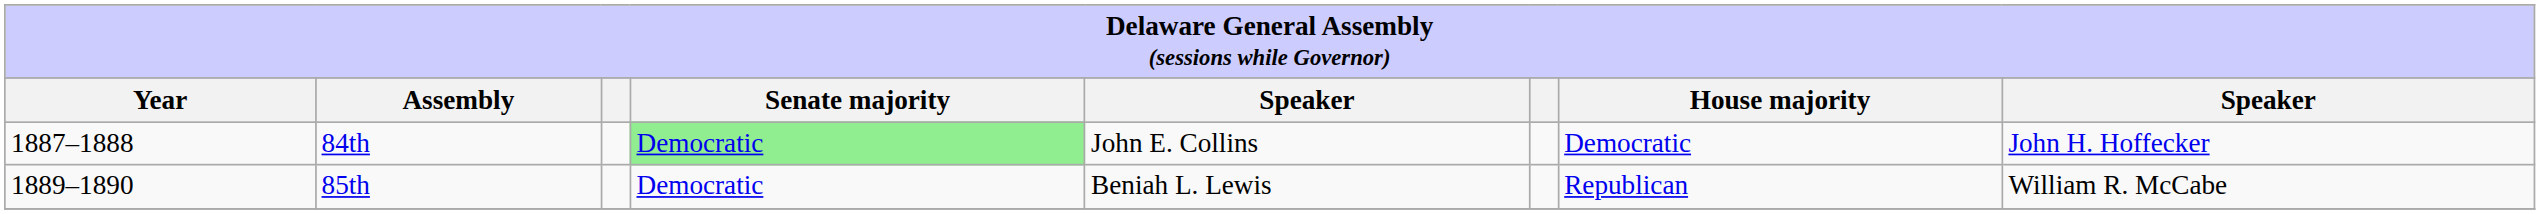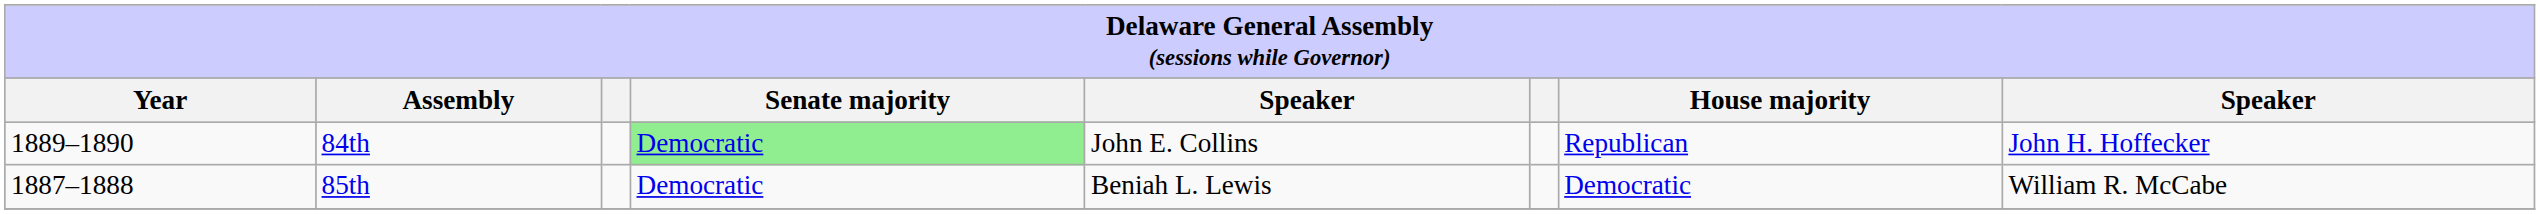 <table class=wikitable style="width: 94%" style="text-align: center;" align="center">
 <tr bgcolor=#cccccc>
 <th colspan=12 style="background: #ccccff;">Delaware General Assembly <br> <small> <em>(sessions while Governor)</em></small></th>
 </tr>
 <tr>
 <th><strong>Year</strong></th>
 <th><strong>Assembly</strong></th>
 <th></th>
 <th><strong>Senate majority</strong></th>
 <th><strong>Speaker</strong></th>
 <th></th>
 <th><strong>House majority</strong></th>
 <th><strong>Speaker</strong></th>
 </tr>
 <tr>
-<td>1887–1888</td>
+<td>1889–1890</td>
 <td><a href='#'>84th</a></td>
 <td></td>
 <td style="background: lightgreen;"><a href='#'>Democratic</a></td>
 <td>John E. Collins</td>
 <td></td>
-<td><a href='#'>Democratic</a></td>
+<td><a href='#'>Republican</a></td>
 <td><a href='#'>John H. Hoffecker</a></td>
 </tr>
 <tr>
-<td>1889–1890</td>
+<td>1887–1888</td>
 <td><a href='#'>85th</a></td>
 <td></td>
 <td><a href='#'>Democratic</a></td>
 <td>Beniah L. Lewis</td>
 <td></td>
-<td><a href='#'>Republican</a></td>
+<td><a href='#'>Democratic</a></td>
 <td>William R. McCabe</td>
 </tr>
 <tr>
 </tr>
 </table>
